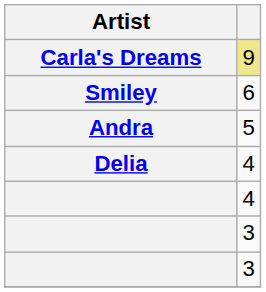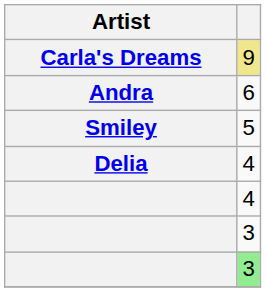 <table class="wikitable sortable plainrowheaders">
 <tr>
 <th scope="col" style="width:10em;">Artist</th>
 <th scope="col"></th>
 </tr>
 <tr>
 <th scope="row"><a href='#'>Carla's Dreams</a></th>
 <td align="center" style="background: khaki;">9</td>
 </tr>
 <tr>
-<th scope="row"><a href='#'>Smiley</a></th>
+<th scope="row"><a href='#'>Andra</a></th>
 <td align="center">6</td>
 </tr>
 <tr>
-<th scope="row"><a href='#'>Andra</a></th>
+<th scope="row"><a href='#'>Smiley</a></th>
 <td align="center">5</td>
 </tr>
 <tr>
 <th scope="row"><a href='#'>Delia</a></th>
 <td align="center">4</td>
 </tr>
 <tr>
 <th scope="row"></th>
 <td align="center">4</td>
 </tr>
 <tr>
 <th scope="row"></th>
 <td align="center">3</td>
 </tr>
 <tr>
 <th scope="row"></th>
-<td align="center">3</td>
+<td align="center" style="background: lightgreen;">3</td>
 </tr>
 <tr>
 </tr>
 </table>
